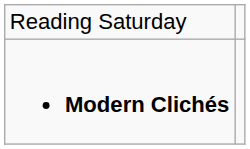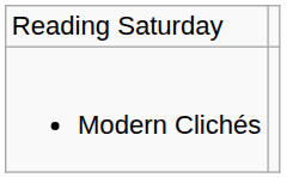 <table class="wikitable">
 <tr>
 <td>Reading Saturday</td>
 <td></td>
 </tr>
 <tr>
-<td><strong><br><ul><li>Modern Clichés</li></ul></strong></td>
+<td><br><ul><li>Modern Clichés</li></ul></td>
 </tr>
 </table>
